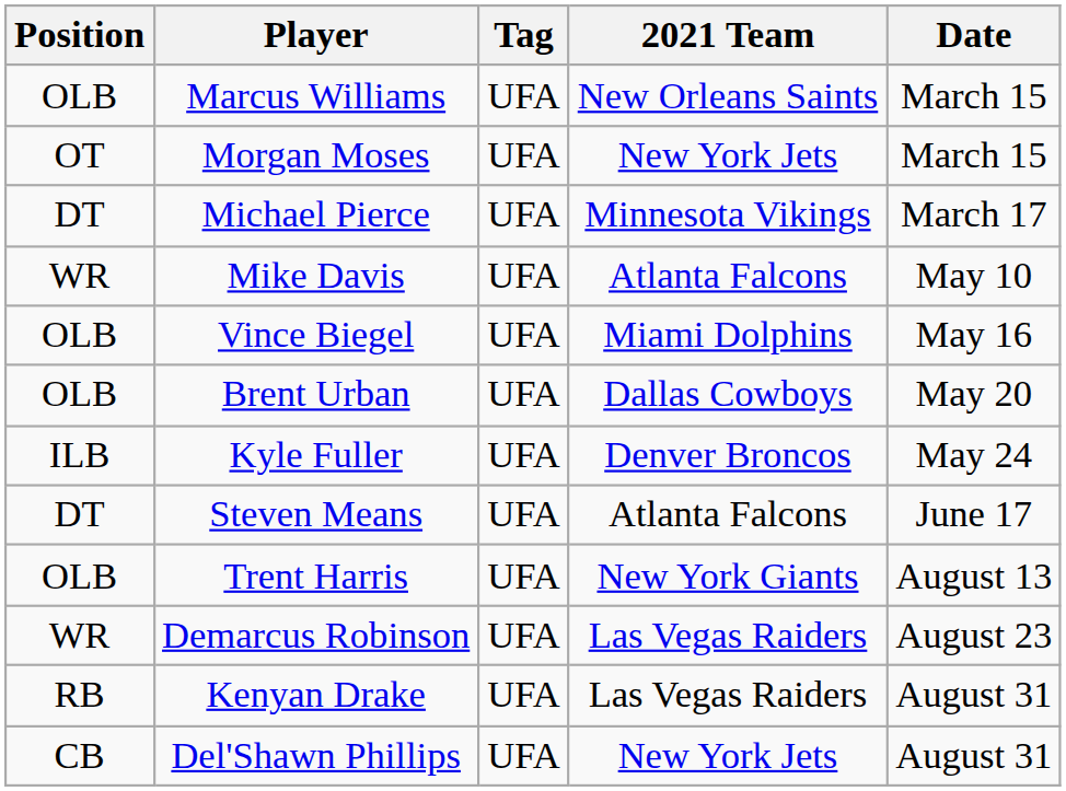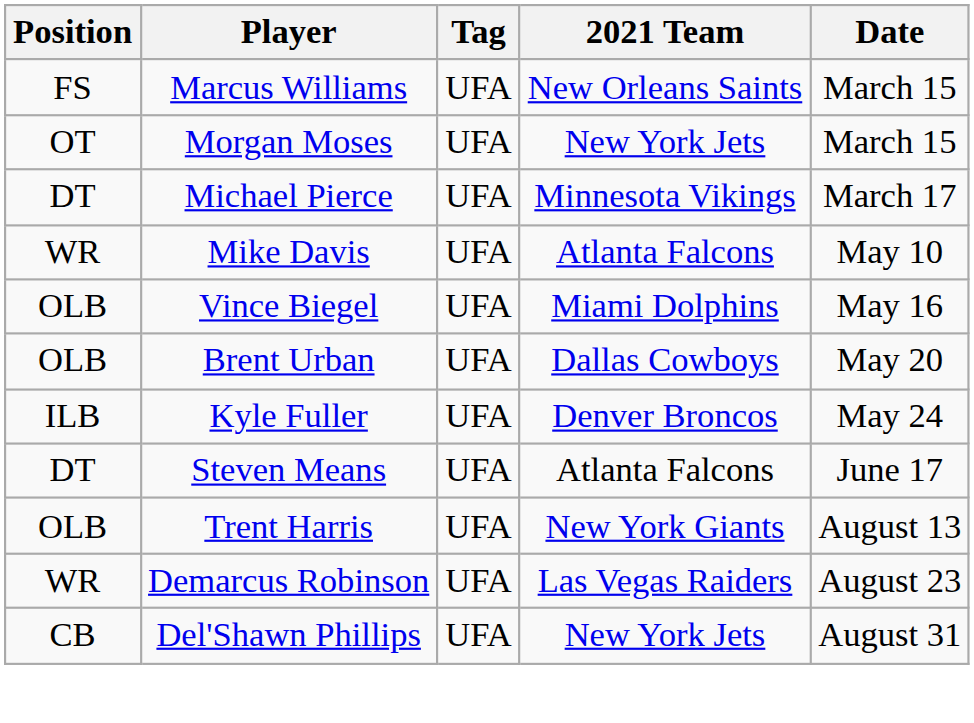 <table class="wikitable sortable" style="text-align:center">
 <tr>
 <th>Position</th>
 <th>Player</th>
 <th>Tag</th>
 <th>2021 Team</th>
 <th>Date</th>
 </tr>
 <tr>
-<td>OLB</td>
+<td>FS</td>
 <td><a href='#'>Marcus Williams</a></td>
 <td>UFA</td>
 <td><a href='#'>New Orleans Saints</a></td>
 <td>March 15</td>
 </tr>
 <tr>
 <td>OT</td>
 <td><a href='#'>Morgan Moses</a></td>
 <td>UFA</td>
 <td><a href='#'>New York Jets</a></td>
 <td>March 15</td>
 </tr>
 <tr>
 <td>DT</td>
 <td><a href='#'>Michael Pierce</a></td>
 <td>UFA</td>
 <td><a href='#'>Minnesota Vikings</a></td>
 <td>March 17</td>
 </tr>
 <tr>
 <td>WR</td>
 <td><a href='#'>Mike Davis</a></td>
 <td>UFA</td>
 <td><a href='#'>Atlanta Falcons</a></td>
 <td>May 10</td>
 </tr>
 <tr>
 <td>OLB</td>
 <td><a href='#'>Vince Biegel</a></td>
 <td>UFA</td>
 <td><a href='#'>Miami Dolphins</a></td>
 <td>May 16</td>
 </tr>
 <tr>
 <td>OLB</td>
 <td><a href='#'>Brent Urban</a></td>
 <td>UFA</td>
 <td><a href='#'>Dallas Cowboys</a></td>
 <td>May 20</td>
 </tr>
 <tr>
 <td>ILB</td>
 <td><a href='#'>Kyle Fuller</a></td>
 <td>UFA</td>
 <td><a href='#'>Denver Broncos</a></td>
 <td>May 24</td>
 </tr>
 <tr>
 <td>DT</td>
 <td><a href='#'>Steven Means</a></td>
 <td>UFA</td>
 <td>Atlanta Falcons</td>
 <td>June 17</td>
 </tr>
 <tr>
 <td>OLB</td>
 <td><a href='#'>Trent Harris</a></td>
 <td>UFA</td>
 <td><a href='#'>New York Giants</a></td>
 <td>August 13</td>
 </tr>
 <tr>
 <td>WR</td>
 <td><a href='#'>Demarcus Robinson</a></td>
 <td>UFA</td>
 <td><a href='#'>Las Vegas Raiders</a></td>
 <td>August 23</td>
 </tr>
 <tr>
-<td>RB</td>
-<td><a href='#'>Kenyan Drake</a></td>
-<td>UFA</td>
-<td>Las Vegas Raiders</td>
-<td>August 31</td>
-</tr>
-<tr>
 <td>CB</td>
 <td><a href='#'>Del'Shawn Phillips</a></td>
 <td>UFA</td>
 <td><a href='#'>New York Jets</a></td>
 <td>August 31</td>
 </tr>
 </table>
